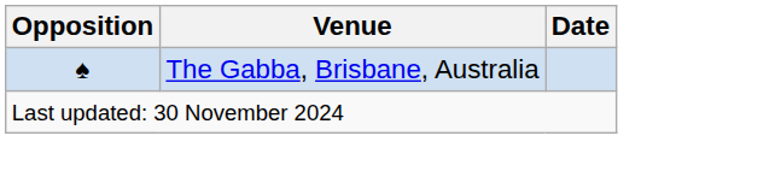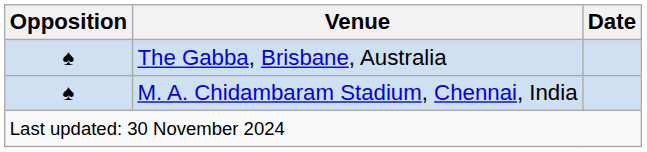 <table class="wikitable plainrowheaders sortable">
 <tr>
 <th scope=col>Opposition</th>
 <th scope=col>Venue</th>
 <th scope=col>Date</th>
 </tr>
 <tr bgcolor=#cee0f2>
 <th scope=row style="background:#cee0f2;"> ♠</th>
 <td><a href='#'>The Gabba</a>, <a href='#'>Brisbane</a>, Australia</td>
 <td><a href='#'></a></td>
 </tr>
+<tr bgcolor=#cee0f2>
+<th scope=row style="background:#cee0f2;"> ♠</th>
+<td><a href='#'>M. A. Chidambaram Stadium</a>, <a href='#'>Chennai</a>, India</td>
+<td><a href='#'></a></td>
+</tr>
 <tr class=sortbottom>
 <td colspan=3><small>Last updated: 30 November 2024</small></td>
 </tr>
 </table>
